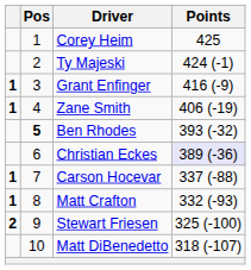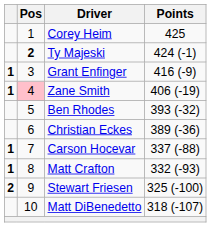 <table class="wikitable" style="font-size: 95%;">
 <tr>
 <th></th>
 <th>Pos</th>
 <th>Driver</th>
 <th>Points</th>
 </tr>
 <tr>
 <td align="left"></td>
 <td style="text-align:center;">1</td>
 <td><a href='#'>Corey Heim</a></td>
 <td style="text-align:center;">425</td>
 </tr>
 <tr>
 <td align="left"></td>
-<td style="text-align:center;">2</td>
+<td style="text-align:center;"><strong>2</strong></td>
 <td><a href='#'>Ty Majeski</a></td>
 <td style="text-align:center;">424 (-1)</td>
 </tr>
 <tr>
 <td align="left"> <strong>1</strong></td>
 <td style="text-align:center;">3</td>
 <td><a href='#'>Grant Enfinger</a></td>
 <td style="text-align:center;">416 (-9)</td>
 </tr>
 <tr>
 <td align="left"> <strong>1</strong></td>
-<td style="text-align:center;">4</td>
+<td style="background: pink; text-align:center;">4</td>
 <td><a href='#'>Zane Smith</a></td>
 <td style="text-align:center;">406 (-19)</td>
 </tr>
 <tr>
 <td align="left"></td>
-<td style="text-align:center;"><strong>5</strong></td>
+<td style="text-align:center;">5</td>
 <td><a href='#'>Ben Rhodes</a></td>
 <td style="text-align:center;">393 (-32)</td>
 </tr>
 <tr>
 <td align="left"></td>
 <td style="text-align:center;">6</td>
 <td><a href='#'>Christian Eckes</a></td>
-<td style="background: lavender; text-align:center;">389 (-36)</td>
+<td style="text-align:center;">389 (-36)</td>
 </tr>
 <tr>
 <td align="left"> <strong>1</strong></td>
 <td style="text-align:center;">7</td>
 <td><a href='#'>Carson Hocevar</a></td>
 <td style="text-align:center;">337 (-88)</td>
 </tr>
 <tr>
 <td align="left"> <strong>1</strong></td>
 <td style="text-align:center;">8</td>
 <td><a href='#'>Matt Crafton</a></td>
 <td style="text-align:center;">332 (-93)</td>
 </tr>
 <tr>
 <td align="left"> <strong>2</strong></td>
 <td style="text-align:center;">9</td>
 <td><a href='#'>Stewart Friesen</a></td>
 <td style="text-align:center;">325 (-100)</td>
 </tr>
 <tr>
 <td align="left"></td>
 <td style="text-align:center;">10</td>
 <td><a href='#'>Matt DiBenedetto</a></td>
 <td style="text-align:center;">318 (-107)</td>
 </tr>
 <tr class="sortbottom">
 <th colspan="9"></th>
 </tr>
 </table>
